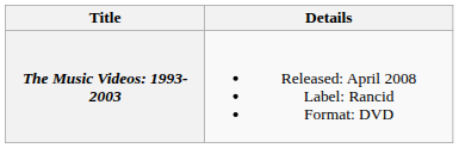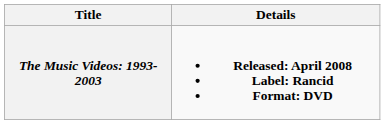 <table class="wikitable plainrowheaders" style="text-align:center;">
 <tr>
 <th scope="col" style="width:12em;">Title</th>
 <th scope="col" style="width:15em;">Details</th>
 </tr>
 <tr>
 <th scope="row"><em>The Music Videos: 1993-2003</em></th>
-<td><br><ul><li>Released: April 2008</li><li>Label: Rancid</li><li>Format: DVD</li></ul></td>
+<td><strong><br><ul><li>Released: April 2008</li><li>Label: Rancid</li><li>Format: DVD</li></ul></strong></td>
 </tr>
 </table>
